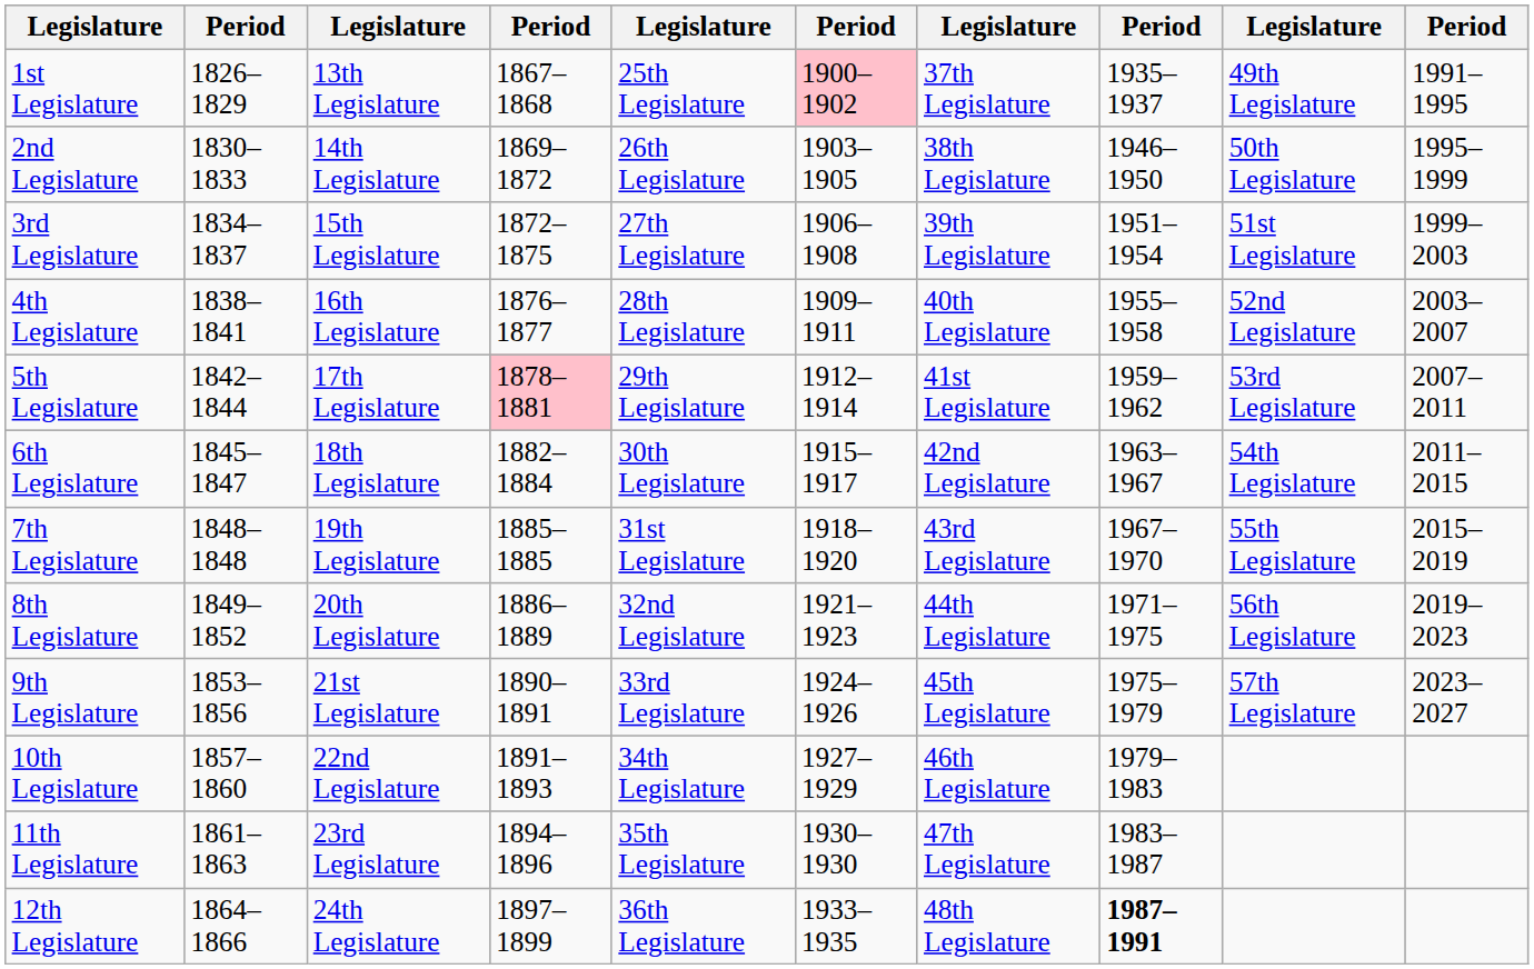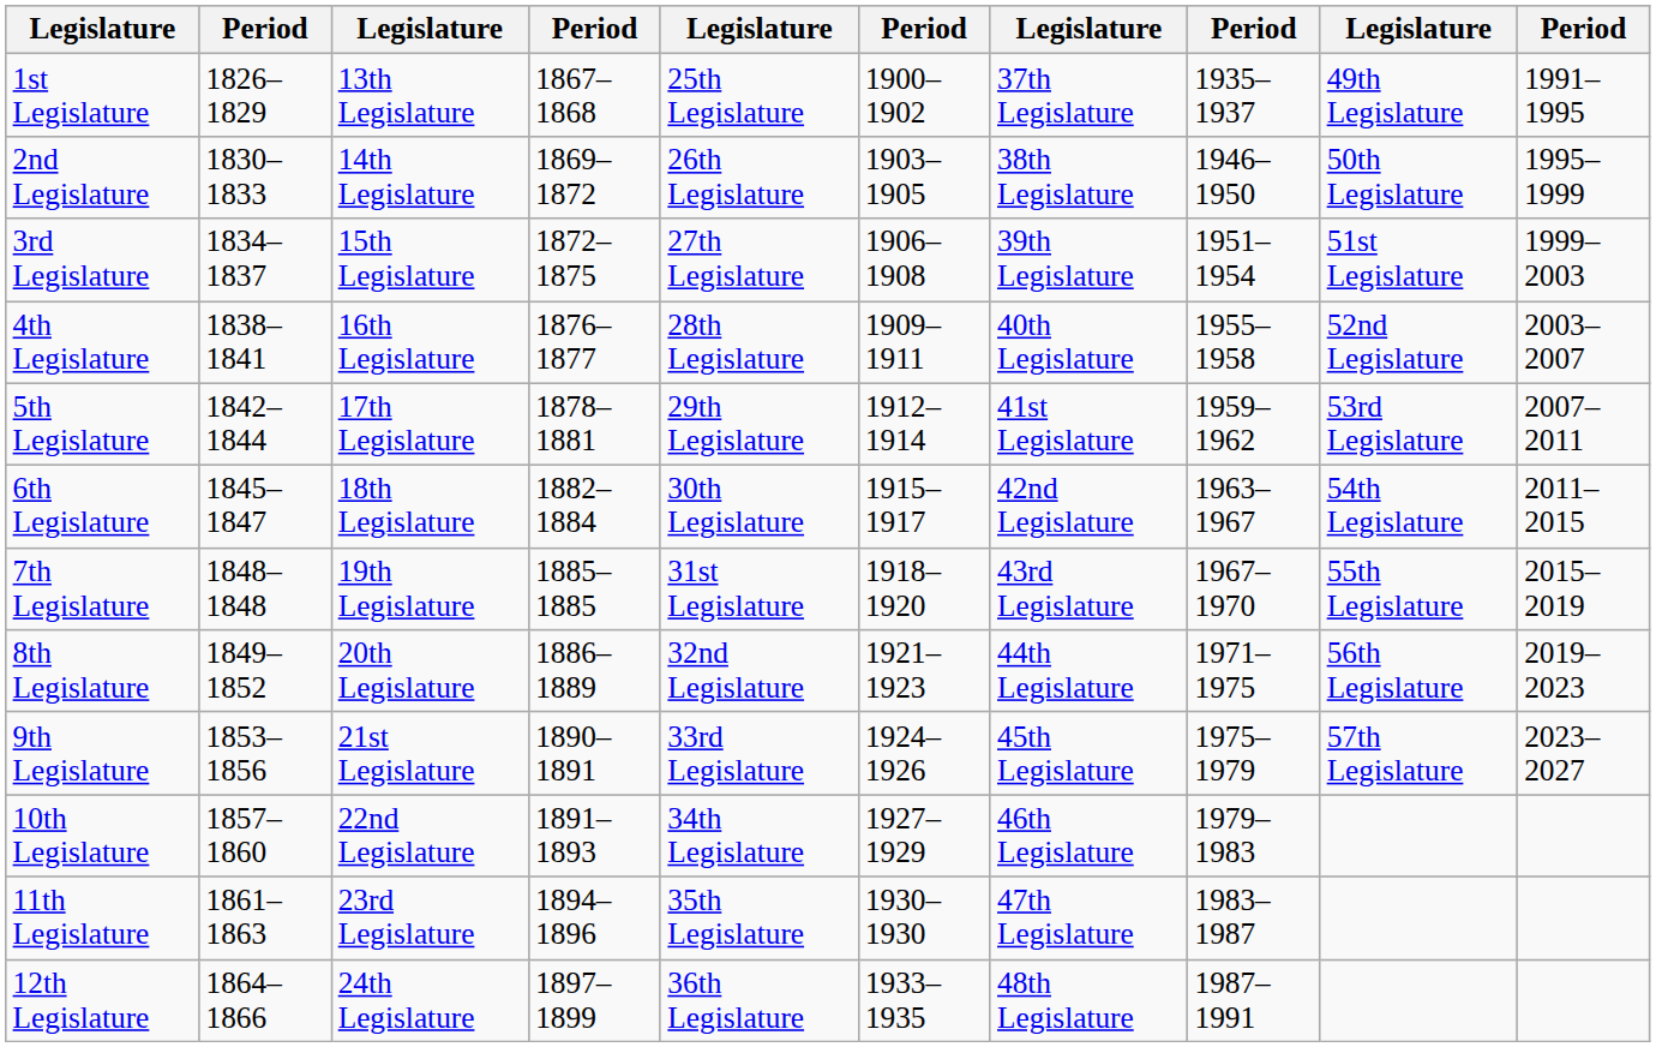 <table class="wikitable">
 <tr>
 <th>Legislature</th>
 <th>Period</th>
 <th>Legislature</th>
 <th>Period</th>
 <th>Legislature</th>
 <th>Period</th>
 <th>Legislature</th>
 <th>Period</th>
 <th>Legislature</th>
 <th>Period</th>
 </tr>
 <tr>
 <td><a href='#'>1st Legislature</a></td>
 <td>1826–1829</td>
 <td><a href='#'>13th Legislature</a></td>
 <td>1867–1868</td>
 <td><a href='#'>25th Legislature</a></td>
-<td style="background: pink;">1900–1902</td>
+<td>1900–1902</td>
 <td><a href='#'>37th Legislature</a></td>
 <td>1935–1937</td>
 <td><a href='#'>49th Legislature</a></td>
 <td>1991–1995</td>
 </tr>
 <tr>
 <td><a href='#'>2nd Legislature</a></td>
 <td>1830–1833</td>
 <td><a href='#'>14th Legislature</a></td>
 <td>1869–1872</td>
 <td><a href='#'>26th Legislature</a></td>
 <td>1903–1905</td>
 <td><a href='#'>38th Legislature</a></td>
 <td>1946–1950</td>
 <td><a href='#'>50th Legislature</a></td>
 <td>1995–1999</td>
 </tr>
 <tr>
 <td><a href='#'>3rd Legislature</a></td>
 <td>1834–1837</td>
 <td><a href='#'>15th Legislature</a></td>
 <td>1872–1875</td>
 <td><a href='#'>27th Legislature</a></td>
 <td>1906–1908</td>
 <td><a href='#'>39th Legislature</a></td>
 <td>1951–1954</td>
 <td><a href='#'>51st Legislature</a></td>
 <td>1999–2003</td>
 </tr>
 <tr>
 <td><a href='#'>4th Legislature</a></td>
 <td>1838–1841</td>
 <td><a href='#'>16th Legislature</a></td>
 <td>1876–1877</td>
 <td><a href='#'>28th Legislature</a></td>
 <td>1909–1911</td>
 <td><a href='#'>40th Legislature</a></td>
 <td>1955–1958</td>
 <td><a href='#'>52nd Legislature</a></td>
 <td>2003–2007</td>
 </tr>
 <tr>
 <td><a href='#'>5th Legislature</a></td>
 <td>1842–1844</td>
 <td><a href='#'>17th Legislature</a></td>
-<td style="background: pink;">1878–1881</td>
+<td>1878–1881</td>
 <td><a href='#'>29th Legislature</a></td>
 <td>1912–1914</td>
 <td><a href='#'>41st Legislature</a></td>
 <td>1959–1962</td>
 <td><a href='#'>53rd Legislature</a></td>
 <td>2007–2011</td>
 </tr>
 <tr>
 <td><a href='#'>6th Legislature</a></td>
 <td>1845–1847</td>
 <td><a href='#'>18th Legislature</a></td>
 <td>1882–1884</td>
 <td><a href='#'>30th Legislature</a></td>
 <td>1915–1917</td>
 <td><a href='#'>42nd Legislature</a></td>
 <td>1963–1967</td>
 <td><a href='#'>54th Legislature</a></td>
 <td>2011–2015</td>
 </tr>
 <tr>
 <td><a href='#'>7th Legislature</a></td>
 <td>1848–1848</td>
 <td><a href='#'>19th Legislature</a></td>
 <td>1885–1885</td>
 <td><a href='#'>31st Legislature</a></td>
 <td>1918–1920</td>
 <td><a href='#'>43rd Legislature</a></td>
 <td>1967–1970</td>
 <td><a href='#'>55th Legislature</a></td>
 <td>2015–2019</td>
 </tr>
 <tr>
 <td><a href='#'>8th Legislature</a></td>
 <td>1849–1852</td>
 <td><a href='#'>20th Legislature</a></td>
 <td>1886–1889</td>
 <td><a href='#'>32nd Legislature</a></td>
 <td>1921–1923</td>
 <td><a href='#'>44th Legislature</a></td>
 <td>1971–1975</td>
 <td><a href='#'>56th Legislature</a></td>
 <td>2019–2023</td>
 </tr>
 <tr>
 <td><a href='#'>9th Legislature</a></td>
 <td>1853–1856</td>
 <td><a href='#'>21st Legislature</a></td>
 <td>1890–1891</td>
 <td><a href='#'>33rd Legislature</a></td>
 <td>1924–1926</td>
 <td><a href='#'>45th Legislature</a></td>
 <td>1975–1979</td>
 <td><a href='#'>57th Legislature</a></td>
 <td>2023–2027</td>
 </tr>
 <tr>
 <td><a href='#'>10th Legislature</a></td>
 <td>1857–1860</td>
 <td><a href='#'>22nd Legislature</a></td>
 <td>1891–1893</td>
 <td><a href='#'>34th Legislature</a></td>
 <td>1927–1929</td>
 <td><a href='#'>46th Legislature</a></td>
 <td>1979–1983</td>
 <td></td>
 <td></td>
 </tr>
 <tr>
 <td><a href='#'>11th Legislature</a></td>
 <td>1861–1863</td>
 <td><a href='#'>23rd Legislature</a></td>
 <td>1894–1896</td>
 <td><a href='#'>35th Legislature</a></td>
 <td>1930–1930</td>
 <td><a href='#'>47th Legislature</a></td>
 <td>1983–1987</td>
 <td></td>
 <td></td>
 </tr>
 <tr>
 <td><a href='#'>12th Legislature</a></td>
 <td>1864–1866</td>
 <td><a href='#'>24th Legislature</a></td>
 <td>1897–1899</td>
 <td><a href='#'>36th Legislature</a></td>
 <td>1933–1935</td>
 <td><a href='#'>48th Legislature</a></td>
-<td><strong>1987–1991</strong></td>
+<td>1987–1991</td>
 <td></td>
 <td></td>
 </tr>
 </table>
